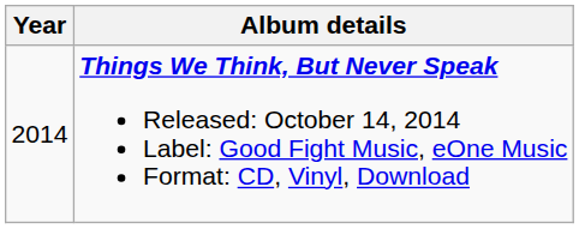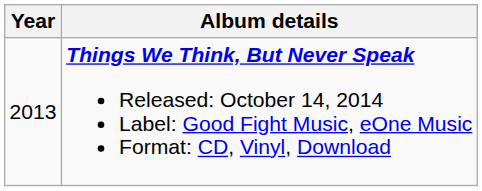 <table class="wikitable">
 <tr>
 <th>Year</th>
 <th>Album details</th>
 </tr>
 <tr>
-<td>2014</td>
+<td>2013</td>
 <td><strong><em><a href='#'>Things We Think, But Never Speak</a></em></strong><br><ul><li>Released: October 14, 2014</li><li>Label: <a href='#'>Good Fight Music</a>, <a href='#'>eOne Music</a></li><li>Format: <a href='#'>CD</a>, <a href='#'>Vinyl</a>, <a href='#'>Download</a></li></ul></td>
 </tr>
 </table>
